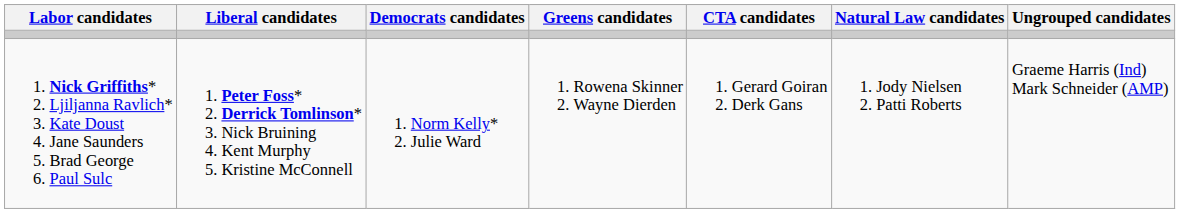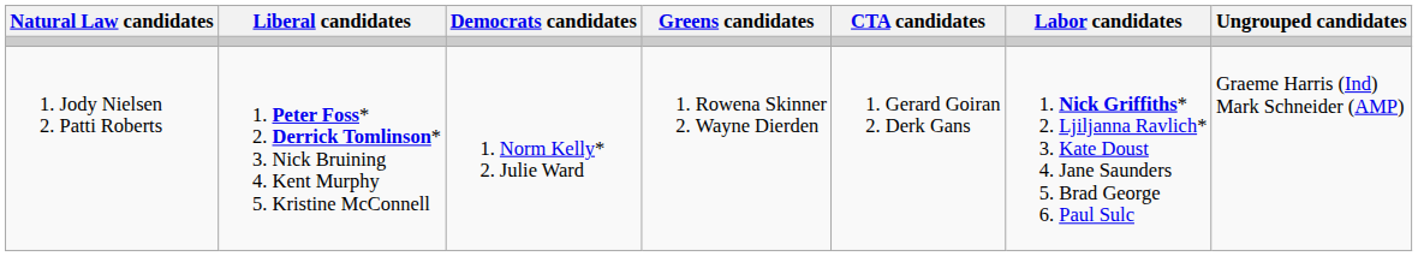 <table class="wikitable">
 <tr>
-<th><a href='#'>Labor</a> candidates</th>
+<th><a href='#'>Natural Law</a> candidates</th>
 <th><a href='#'>Liberal</a> candidates</th>
 <th><a href='#'>Democrats</a> candidates</th>
 <th><a href='#'>Greens</a> candidates</th>
 <th><a href='#'>CTA</a> candidates</th>
-<th><a href='#'>Natural Law</a> candidates</th>
+<th><a href='#'>Labor</a> candidates</th>
 <th>Ungrouped candidates</th>
 </tr>
 <tr bgcolor="#cccccc">
 <td></td>
 <td></td>
 <td></td>
 <td></td>
 <td></td>
 <td></td>
 <td></td>
 </tr>
 <tr>
-<td><br><ol><li><strong><a href='#'>Nick Griffiths</a></strong>*</li><li><a href='#'>Ljiljanna Ravlich</a>*</li><li><a href='#'>Kate Doust</a></li><li>Jane Saunders</li><li>Brad George</li><li><a href='#'>Paul Sulc</a></li></ol></td>
+<td valign=top><br><ol><li>Jody Nielsen</li><li>Patti Roberts</li></ol></td>
 <td><br><ol><li><strong><a href='#'>Peter Foss</a></strong>*</li><li><strong><a href='#'>Derrick Tomlinson</a></strong>*</li><li>Nick Bruining</li><li>Kent Murphy</li><li>Kristine McConnell</li></ol></td>
 <td><br><ol><li><a href='#'>Norm Kelly</a>*</li><li>Julie Ward</li></ol></td>
 <td valign=top><br><ol><li>Rowena Skinner</li><li>Wayne Dierden</li></ol></td>
 <td valign=top><br><ol><li>Gerard Goiran</li><li>Derk Gans</li></ol></td>
-<td valign=top><br><ol><li>Jody Nielsen</li><li>Patti Roberts</li></ol></td>
+<td><br><ol><li><strong><a href='#'>Nick Griffiths</a></strong>*</li><li><a href='#'>Ljiljanna Ravlich</a>*</li><li><a href='#'>Kate Doust</a></li><li>Jane Saunders</li><li>Brad George</li><li><a href='#'>Paul Sulc</a></li></ol></td>
 <td valign=top><br>Graeme Harris (<a href='#'>Ind</a>) <br> Mark Schneider (<a href='#'>AMP</a>)</td>
 </tr>
 </table>
